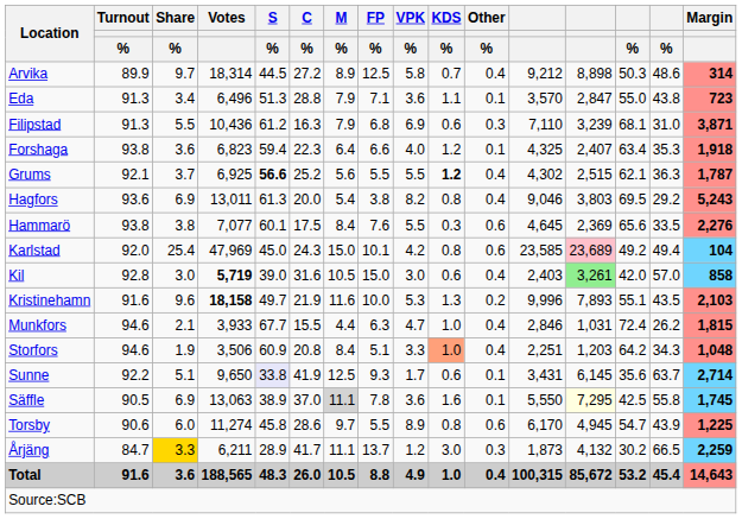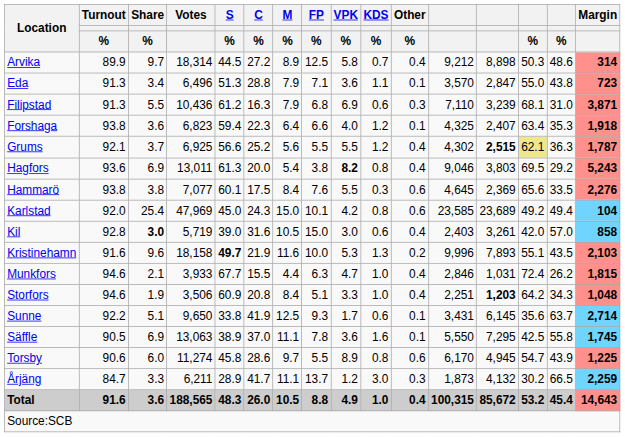 <table class="wikitable sortable" style="text-align:right; font-size:95%; line-height:20px;">
 <tr>
 <th rowspan="3">Location</th>
 <th>Turnout</th>
 <th>Share</th>
 <th>Votes</th>
 <th width="30px" class="unsortable"><a href='#'>S</a></th>
 <th width="30px" class="unsortable"><a href='#'>C</a></th>
 <th width="30px" class="unsortable"><a href='#'>M</a></th>
 <th width="30px" class="unsortable"><a href='#'>FP</a></th>
 <th width="30px" class="unsortable"><a href='#'>VPK</a></th>
 <th width="30px" class="unsortable"><a href='#'>KDS</a></th>
 <th width="30px" class="unsortable">Other</th>
 <th></th>
 <th></th>
 <th></th>
 <th></th>
 <th>Margin</th>
 </tr>
 <tr>
 <th></th>
 <th></th>
 <th></th>
 <th style="background:"></th>
 <th style="background:"></th>
 <th style="background:"></th>
 <th style="background:"></th>
 <th style="background:"></th>
 <th style="background:"></th>
 <th style="background:"></th>
 <th style="background:"></th>
 <th style="background:"></th>
 <th style="background:"></th>
 <th style="background:"></th>
 <th></th>
 </tr>
 <tr>
 <th data-sort-type="number">%</th>
 <th data-sort-type="number">%</th>
 <th></th>
 <th data-sort-type="number">%</th>
 <th data-sort-type="number">%</th>
 <th data-sort-type="number">%</th>
 <th data-sort-type="number">%</th>
 <th data-sort-type="number">%</th>
 <th data-sort-type="number">%</th>
 <th data-sort-type="number">%</th>
 <th data-sort-type="number"></th>
 <th data-sort-type="number"></th>
 <th data-sort-type="number">%</th>
 <th data-sort-type="number">%</th>
 <th data-sort-type="number"></th>
 </tr>
 <tr>
 <td align=left><a href='#'>Arvika</a></td>
 <td>89.9</td>
 <td>9.7</td>
 <td>18,314</td>
 <td>44.5</td>
 <td>27.2</td>
 <td>8.9</td>
 <td>12.5</td>
 <td>5.8</td>
 <td>0.7</td>
 <td>0.4</td>
 <td>9,212</td>
 <td>8,898</td>
 <td>50.3</td>
 <td>48.6</td>
 <td bgcolor=#ff908c><strong>314</strong></td>
 </tr>
 <tr>
 <td align=left><a href='#'>Eda</a></td>
 <td>91.3</td>
 <td>3.4</td>
 <td>6,496</td>
 <td>51.3</td>
 <td>28.8</td>
 <td>7.9</td>
 <td>7.1</td>
 <td>3.6</td>
 <td>1.1</td>
 <td>0.1</td>
 <td>3,570</td>
 <td>2,847</td>
 <td>55.0</td>
 <td>43.8</td>
 <td bgcolor=#ff908c><strong>723</strong></td>
 </tr>
 <tr>
 <td align=left><a href='#'>Filipstad</a></td>
 <td>91.3</td>
 <td>5.5</td>
 <td>10,436</td>
 <td>61.2</td>
 <td>16.3</td>
 <td>7.9</td>
 <td>6.8</td>
 <td>6.9</td>
 <td>0.6</td>
 <td>0.3</td>
 <td>7,110</td>
 <td>3,239</td>
 <td>68.1</td>
 <td>31.0</td>
 <td bgcolor=#ff908c><strong>3,871</strong></td>
 </tr>
 <tr>
 <td align=left><a href='#'>Forshaga</a></td>
 <td>93.8</td>
 <td>3.6</td>
 <td>6,823</td>
 <td>59.4</td>
 <td>22.3</td>
 <td>6.4</td>
 <td>6.6</td>
 <td>4.0</td>
 <td>1.2</td>
 <td>0.1</td>
 <td>4,325</td>
 <td>2,407</td>
 <td>63.4</td>
 <td>35.3</td>
 <td bgcolor=#ff908c><strong>1,918</strong></td>
 </tr>
 <tr>
 <td align=left><a href='#'>Grums</a></td>
 <td>92.1</td>
 <td>3.7</td>
 <td>6,925</td>
-<td><strong>56.6</strong></td>
+<td>56.6</td>
 <td>25.2</td>
 <td>5.6</td>
 <td>5.5</td>
 <td>5.5</td>
-<td><strong>1.2</strong></td>
+<td>1.2</td>
 <td>0.4</td>
 <td>4,302</td>
-<td>2,515</td>
-<td>62.1</td>
+<td><strong>2,515</strong></td>
+<td style="background: khaki;">62.1</td>
 <td>36.3</td>
 <td bgcolor=#ff908c><strong>1,787</strong></td>
 </tr>
 <tr>
 <td align=left><a href='#'>Hagfors</a></td>
 <td>93.6</td>
 <td>6.9</td>
 <td>13,011</td>
 <td>61.3</td>
 <td>20.0</td>
 <td>5.4</td>
 <td>3.8</td>
-<td>8.2</td>
+<td><strong>8.2</strong></td>
 <td>0.8</td>
 <td>0.4</td>
 <td>9,046</td>
 <td>3,803</td>
 <td>69.5</td>
 <td>29.2</td>
 <td bgcolor=#ff908c><strong>5,243</strong></td>
 </tr>
 <tr>
 <td align=left><a href='#'>Hammarö</a></td>
 <td>93.8</td>
 <td>3.8</td>
 <td>7,077</td>
 <td>60.1</td>
 <td>17.5</td>
 <td>8.4</td>
 <td>7.6</td>
 <td>5.5</td>
 <td>0.3</td>
 <td>0.6</td>
 <td>4,645</td>
 <td>2,369</td>
 <td>65.6</td>
 <td>33.5</td>
 <td bgcolor=#ff908c><strong>2,276</strong></td>
 </tr>
 <tr>
 <td align=left><a href='#'>Karlstad</a></td>
 <td>92.0</td>
 <td>25.4</td>
 <td>47,969</td>
 <td>45.0</td>
 <td>24.3</td>
 <td>15.0</td>
 <td>10.1</td>
 <td>4.2</td>
 <td>0.8</td>
 <td>0.6</td>
 <td>23,585</td>
-<td style="background: pink;">23,689</td>
+<td>23,689</td>
 <td>49.2</td>
 <td>49.4</td>
 <td bgcolor=#6fd5fe><strong>104</strong></td>
 </tr>
 <tr>
 <td align=left><a href='#'>Kil</a></td>
 <td>92.8</td>
-<td>3.0</td>
-<td><strong>5,719</strong></td>
+<td><strong>3.0</strong></td>
+<td>5,719</td>
 <td>39.0</td>
 <td>31.6</td>
 <td>10.5</td>
 <td>15.0</td>
 <td>3.0</td>
 <td>0.6</td>
 <td>0.4</td>
 <td>2,403</td>
-<td style="background: lightgreen;">3,261</td>
+<td>3,261</td>
 <td>42.0</td>
 <td>57.0</td>
 <td bgcolor=#6fd5fe><strong>858</strong></td>
 </tr>
 <tr>
 <td align=left><a href='#'>Kristinehamn</a></td>
 <td>91.6</td>
 <td>9.6</td>
-<td><strong>18,158</strong></td>
-<td>49.7</td>
+<td>18,158</td>
+<td><strong>49.7</strong></td>
 <td>21.9</td>
 <td>11.6</td>
 <td>10.0</td>
 <td>5.3</td>
 <td>1.3</td>
 <td>0.2</td>
 <td>9,996</td>
 <td>7,893</td>
 <td>55.1</td>
 <td>43.5</td>
 <td bgcolor=#ff908c><strong>2,103</strong></td>
 </tr>
 <tr>
 <td align=left><a href='#'>Munkfors</a></td>
 <td>94.6</td>
 <td>2.1</td>
 <td>3,933</td>
 <td>67.7</td>
 <td>15.5</td>
 <td>4.4</td>
 <td>6.3</td>
 <td>4.7</td>
 <td>1.0</td>
 <td>0.4</td>
 <td>2,846</td>
 <td>1,031</td>
 <td>72.4</td>
 <td>26.2</td>
 <td bgcolor=#ff908c><strong>1,815</strong></td>
 </tr>
 <tr>
 <td align=left><a href='#'>Storfors</a></td>
 <td>94.6</td>
 <td>1.9</td>
 <td>3,506</td>
 <td>60.9</td>
 <td>20.8</td>
 <td>8.4</td>
 <td>5.1</td>
 <td>3.3</td>
-<td style="background: lightsalmon;">1.0</td>
+<td>1.0</td>
 <td>0.4</td>
 <td>2,251</td>
-<td>1,203</td>
+<td><strong>1,203</strong></td>
 <td>64.2</td>
 <td>34.3</td>
 <td bgcolor=#ff908c><strong>1,048</strong></td>
 </tr>
 <tr>
 <td align=left><a href='#'>Sunne</a></td>
 <td>92.2</td>
 <td>5.1</td>
 <td>9,650</td>
-<td style="background: lavender;">33.8</td>
+<td>33.8</td>
 <td>41.9</td>
 <td>12.5</td>
 <td>9.3</td>
 <td>1.7</td>
 <td>0.6</td>
 <td>0.1</td>
 <td>3,431</td>
 <td>6,145</td>
 <td>35.6</td>
 <td>63.7</td>
 <td bgcolor=#6fd5fe><strong>2,714</strong></td>
 </tr>
 <tr>
 <td align=left><a href='#'>Säffle</a></td>
 <td>90.5</td>
 <td>6.9</td>
 <td>13,063</td>
 <td>38.9</td>
 <td>37.0</td>
-<td style="background: lightgrey;">11.1</td>
+<td>11.1</td>
 <td>7.8</td>
 <td>3.6</td>
 <td>1.6</td>
 <td>0.1</td>
 <td>5,550</td>
-<td style="background: lightyellow;">7,295</td>
+<td>7,295</td>
 <td>42.5</td>
 <td>55.8</td>
 <td bgcolor=#6fd5fe><strong>1,745</strong></td>
 </tr>
 <tr>
 <td align=left><a href='#'>Torsby</a></td>
 <td>90.6</td>
 <td>6.0</td>
 <td>11,274</td>
 <td>45.8</td>
 <td>28.6</td>
 <td>9.7</td>
 <td>5.5</td>
 <td>8.9</td>
 <td>0.8</td>
 <td>0.6</td>
 <td>6,170</td>
 <td>4,945</td>
 <td>54.7</td>
 <td>43.9</td>
 <td bgcolor=#ff908c><strong>1,225</strong></td>
 </tr>
 <tr>
 <td align=left><a href='#'>Årjäng</a></td>
 <td>84.7</td>
-<td style="background: gold;">3.3</td>
+<td>3.3</td>
 <td>6,211</td>
 <td>28.9</td>
 <td>41.7</td>
 <td>11.1</td>
 <td>13.7</td>
 <td>1.2</td>
 <td>3.0</td>
 <td>0.3</td>
 <td>1,873</td>
 <td>4,132</td>
 <td>30.2</td>
 <td>66.5</td>
 <td bgcolor=#6fd5fe><strong>2,259</strong></td>
 </tr>
 <tr style="background:#CDCDCD;">
 <td align=left><strong>Total</strong></td>
 <td><strong>91.6</strong></td>
 <td><strong>3.6</strong></td>
 <td><strong>188,565</strong></td>
 <td><strong>48.3</strong></td>
 <td><strong>26.0</strong></td>
 <td><strong>10.5</strong></td>
 <td><strong>8.8</strong></td>
 <td><strong>4.9</strong></td>
 <td><strong>1.0</strong></td>
 <td><strong>0.4</strong></td>
 <td><strong>100,315</strong></td>
 <td><strong>85,672</strong></td>
 <td><strong>53.2</strong></td>
 <td><strong>45.4</strong></td>
 <td bgcolor=#ff908c><strong>14,643</strong></td>
 </tr>
 <tr>
 <td align=left colspan=16>Source:SCB </td>
 </tr>
 </table>
